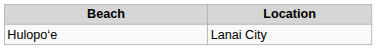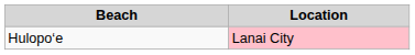 <table class="wikitable sortable collapsible collapsed">
 <tr align="center" bgcolor="#D6D6D6">
 <td width="250"><strong>Beach</strong></td>
 <td width="200"><strong>Location</strong></td>
 </tr>
 <tr>
 <td>Hulopo‘e</td>
-<td>Lanai City</td>
+<td style="background: pink;">Lanai City</td>
 </tr>
 </table>
